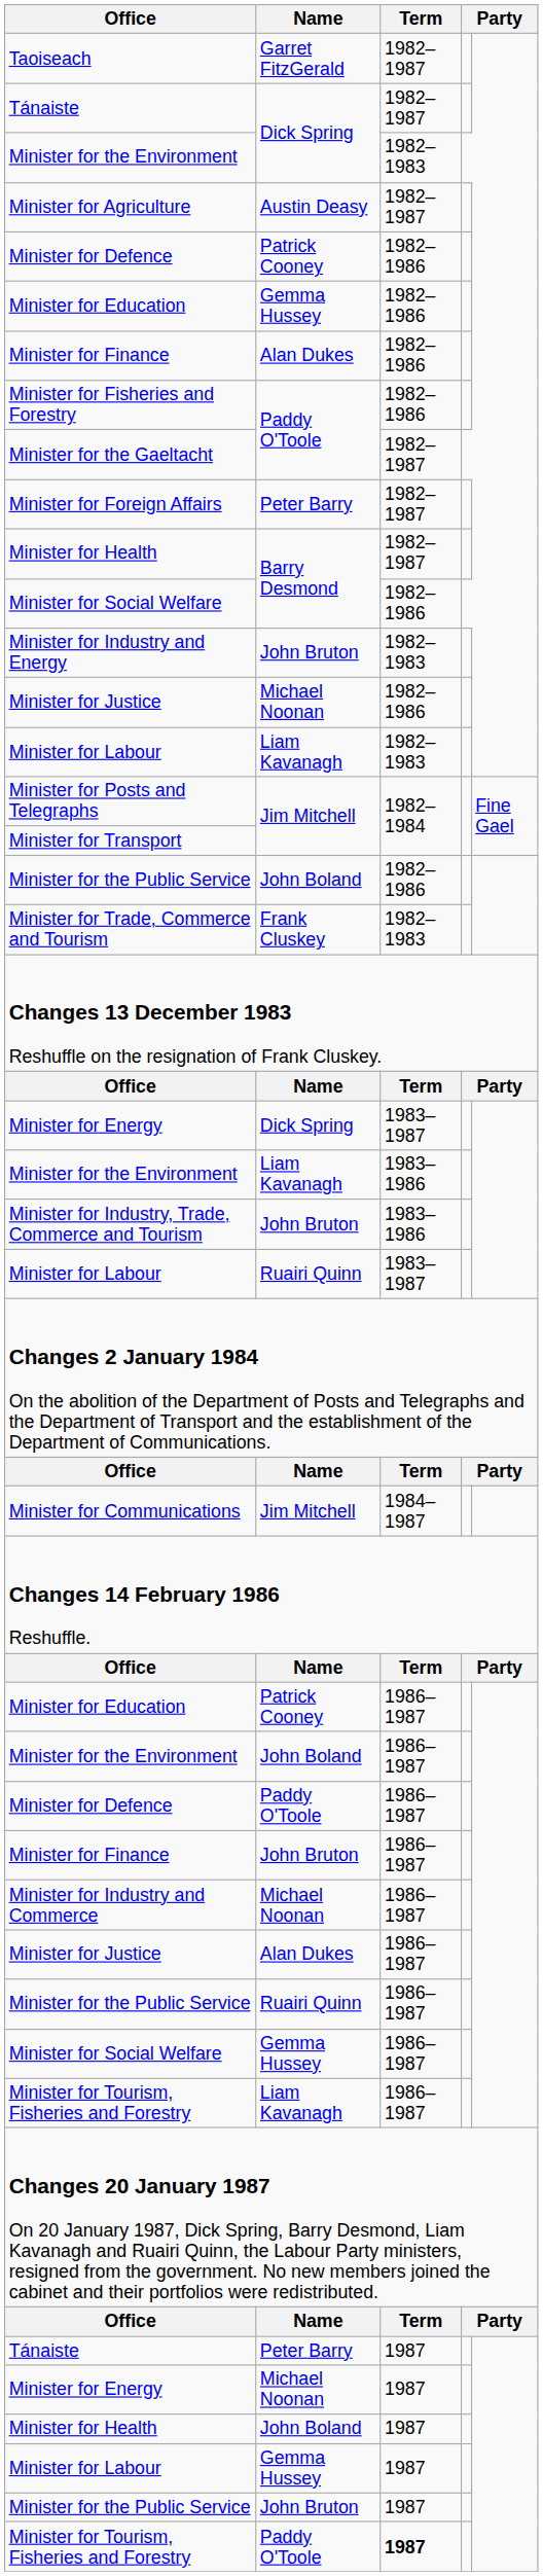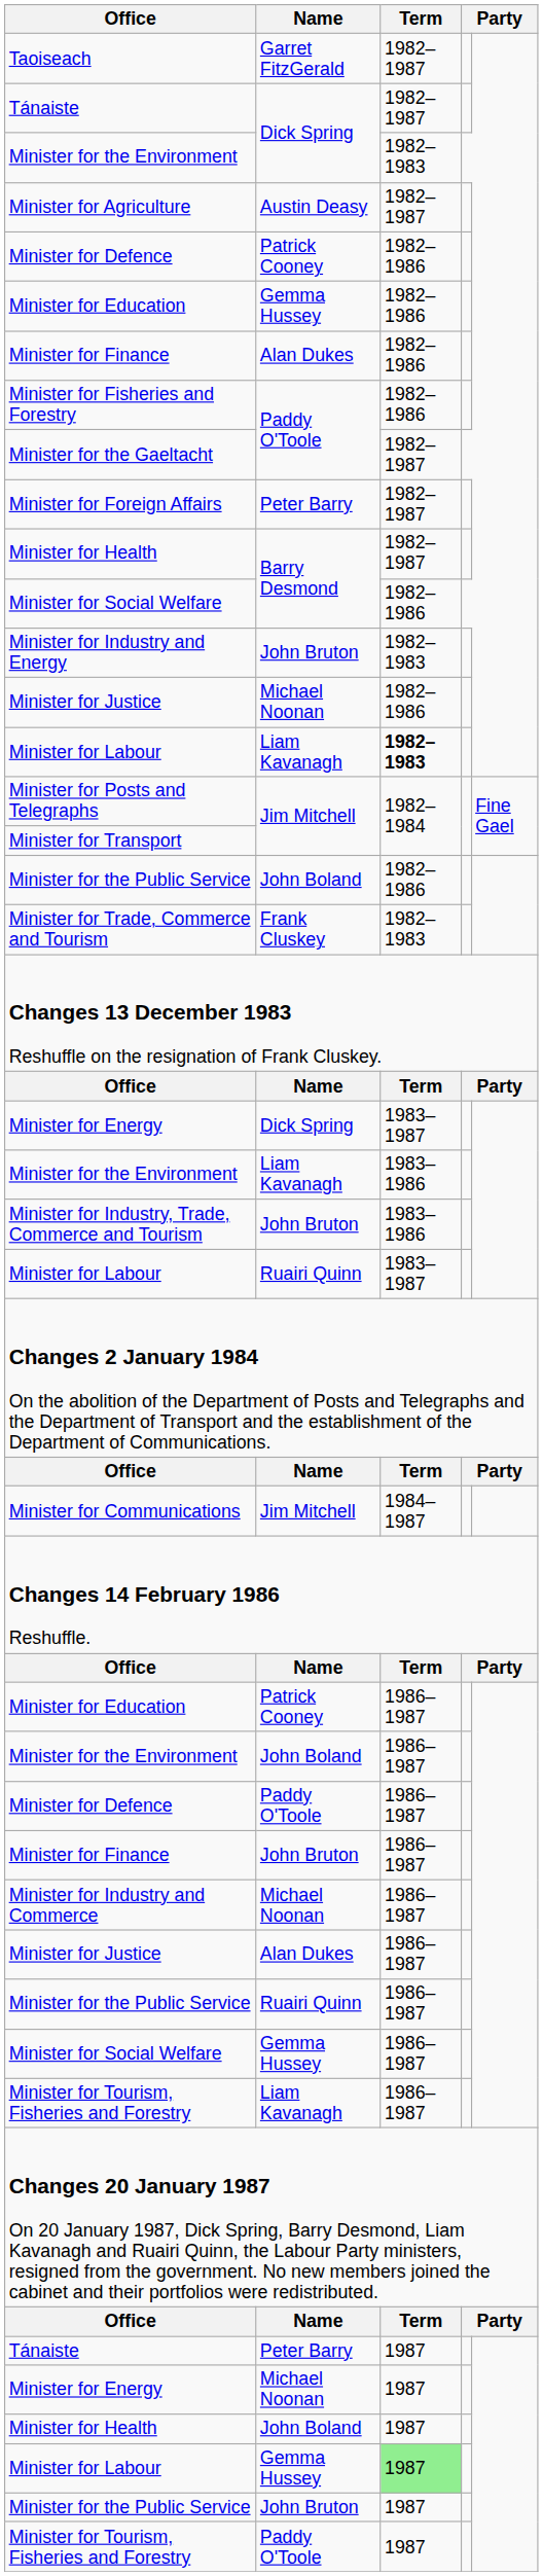 <table class="wikitable" width=75%>
 <tr>
 <th>Office</th>
 <th>Name</th>
 <th>Term</th>
 <th colspan="2">Party</th>
 </tr>
 <tr>
 <td><a href='#'>Taoiseach</a></td>
 <td><a href='#'>Garret FitzGerald</a></td>
 <td>1982–1987</td>
 <td></td>
 </tr>
 <tr>
 <td><a href='#'>Tánaiste</a></td>
 <td rowspan=2><a href='#'>Dick Spring</a></td>
 <td>1982–1987</td>
 <td></td>
 </tr>
 <tr>
 <td><a href='#'>Minister for the Environment</a></td>
 <td>1982–1983</td>
 </tr>
 <tr>
 <td><a href='#'>Minister for Agriculture</a></td>
 <td><a href='#'>Austin Deasy</a></td>
 <td>1982–1987</td>
 <td></td>
 </tr>
 <tr>
 <td><a href='#'>Minister for Defence</a></td>
 <td><a href='#'>Patrick Cooney</a></td>
 <td>1982–1986</td>
 <td></td>
 </tr>
 <tr>
 <td><a href='#'>Minister for Education</a></td>
 <td><a href='#'>Gemma Hussey</a></td>
 <td>1982–1986</td>
 <td></td>
 </tr>
 <tr>
 <td><a href='#'>Minister for Finance</a></td>
 <td><a href='#'>Alan Dukes</a></td>
 <td>1982–1986</td>
 <td></td>
 </tr>
 <tr>
 <td><a href='#'>Minister for Fisheries and Forestry</a></td>
 <td rowspan=2><a href='#'>Paddy O'Toole</a></td>
 <td>1982–1986</td>
 <td></td>
 </tr>
 <tr>
 <td><a href='#'>Minister for the Gaeltacht</a></td>
 <td>1982–1987</td>
 </tr>
 <tr>
 <td><a href='#'>Minister for Foreign Affairs</a></td>
 <td><a href='#'>Peter Barry</a></td>
 <td>1982–1987</td>
 <td></td>
 </tr>
 <tr>
 <td><a href='#'>Minister for Health</a></td>
 <td rowspan=2><a href='#'>Barry Desmond</a></td>
 <td>1982–1987</td>
 <td></td>
 </tr>
 <tr>
 <td><a href='#'>Minister for Social Welfare</a></td>
 <td>1982–1986</td>
 </tr>
 <tr>
 <td><a href='#'>Minister for Industry and Energy</a></td>
 <td><a href='#'>John Bruton</a></td>
 <td>1982–1983</td>
 <td></td>
 </tr>
 <tr>
 <td><a href='#'>Minister for Justice</a></td>
 <td><a href='#'>Michael Noonan</a></td>
 <td>1982–1986</td>
 <td></td>
 </tr>
 <tr>
 <td><a href='#'>Minister for Labour</a></td>
 <td><a href='#'>Liam Kavanagh</a></td>
-<td>1982–1983</td>
+<td><strong>1982–1983</strong></td>
 <td></td>
 </tr>
 <tr>
 <td><a href='#'>Minister for Posts and Telegraphs</a></td>
 <td rowspan=2><a href='#'>Jim Mitchell</a></td>
 <td rowspan=2>1982–1984</td>
 <td rowspan=2 style="background-color: "></td>
 <td rowspan=2><a href='#'>Fine Gael</a></td>
 </tr>
 <tr>
 <td><a href='#'>Minister for Transport</a></td>
 </tr>
 <tr>
 <td><a href='#'>Minister for the Public Service</a></td>
 <td><a href='#'>John Boland</a></td>
 <td>1982–1986</td>
 <td></td>
 </tr>
 <tr>
 <td><a href='#'>Minister for Trade, Commerce and Tourism</a></td>
 <td><a href='#'>Frank Cluskey</a></td>
 <td>1982–1983</td>
 <td></td>
 </tr>
 <tr>
 <td colspan="5"><br><h3>Changes 13 December 1983</h3>Reshuffle on the resignation of Frank Cluskey.</td>
 </tr>
 <tr>
 <th>Office</th>
 <th>Name</th>
 <th>Term</th>
 <th colspan="2">Party</th>
 </tr>
 <tr>
 <td><a href='#'>Minister for Energy</a></td>
 <td><a href='#'>Dick Spring</a></td>
 <td>1983–1987</td>
 <td></td>
 </tr>
 <tr>
 <td><a href='#'>Minister for the Environment</a></td>
 <td><a href='#'>Liam Kavanagh</a></td>
 <td>1983–1986</td>
 <td></td>
 </tr>
 <tr>
 <td><a href='#'>Minister for Industry, Trade, Commerce and Tourism</a></td>
 <td><a href='#'>John Bruton</a></td>
 <td>1983–1986</td>
 <td></td>
 </tr>
 <tr>
 <td><a href='#'>Minister for Labour</a></td>
 <td><a href='#'>Ruairi Quinn</a></td>
 <td>1983–1987</td>
 <td></td>
 </tr>
 <tr>
 <td colspan="5"><br><h3>Changes 2 January 1984</h3>On the abolition of the Department of Posts and Telegraphs and the Department of Transport and the establishment of the Department of Communications.</td>
 </tr>
 <tr>
 <th>Office</th>
 <th>Name</th>
 <th>Term</th>
 <th colspan="2">Party</th>
 </tr>
 <tr>
 <td><a href='#'>Minister for Communications</a></td>
 <td><a href='#'>Jim Mitchell</a></td>
 <td>1984–1987</td>
 <td></td>
 </tr>
 <tr>
 <td colspan="5"><br><h3>Changes 14 February 1986</h3>Reshuffle.</td>
 </tr>
 <tr>
 <th>Office</th>
 <th>Name</th>
 <th>Term</th>
 <th colspan="2">Party</th>
 </tr>
 <tr>
 <td><a href='#'>Minister for Education</a></td>
 <td><a href='#'>Patrick Cooney</a></td>
 <td>1986–1987</td>
 <td></td>
 </tr>
 <tr>
 <td><a href='#'>Minister for the Environment</a></td>
 <td><a href='#'>John Boland</a></td>
 <td>1986–1987</td>
 <td></td>
 </tr>
 <tr>
 <td><a href='#'>Minister for Defence</a></td>
 <td><a href='#'>Paddy O'Toole</a></td>
 <td>1986–1987</td>
 <td></td>
 </tr>
 <tr>
 <td><a href='#'>Minister for Finance</a></td>
 <td><a href='#'>John Bruton</a></td>
 <td>1986–1987</td>
 <td></td>
 </tr>
 <tr>
 <td><a href='#'>Minister for Industry and Commerce</a></td>
 <td><a href='#'>Michael Noonan</a></td>
 <td>1986–1987</td>
 <td></td>
 </tr>
 <tr>
 <td><a href='#'>Minister for Justice</a></td>
 <td><a href='#'>Alan Dukes</a></td>
 <td>1986–1987</td>
 <td></td>
 </tr>
 <tr>
 <td><a href='#'>Minister for the Public Service</a></td>
 <td><a href='#'>Ruairi Quinn</a></td>
 <td>1986–1987</td>
 <td></td>
 </tr>
 <tr>
 <td><a href='#'>Minister for Social Welfare</a></td>
 <td><a href='#'>Gemma Hussey</a></td>
 <td>1986–1987</td>
 <td></td>
 </tr>
 <tr>
 <td><a href='#'>Minister for Tourism, Fisheries and Forestry</a></td>
 <td><a href='#'>Liam Kavanagh</a></td>
 <td>1986–1987</td>
 <td></td>
 </tr>
 <tr>
 <td colspan="5"><br><h3>Changes 20 January 1987</h3>On 20 January 1987, Dick Spring, Barry Desmond, Liam Kavanagh and Ruairi Quinn, the Labour Party ministers, resigned from the government. No new members joined the cabinet and their portfolios were redistributed.</td>
 </tr>
 <tr>
 <th>Office</th>
 <th>Name</th>
 <th>Term</th>
 <th colspan="2">Party</th>
 </tr>
 <tr>
 <td><a href='#'>Tánaiste</a></td>
 <td><a href='#'>Peter Barry</a></td>
 <td>1987</td>
 <td></td>
 </tr>
 <tr>
 <td><a href='#'>Minister for Energy</a></td>
 <td><a href='#'>Michael Noonan</a></td>
 <td>1987</td>
 <td></td>
 </tr>
 <tr>
 <td><a href='#'>Minister for Health</a></td>
 <td><a href='#'>John Boland</a></td>
 <td>1987</td>
 <td></td>
 </tr>
 <tr>
 <td><a href='#'>Minister for Labour</a></td>
 <td><a href='#'>Gemma Hussey</a></td>
-<td>1987</td>
+<td style="background: lightgreen;">1987</td>
 <td></td>
 </tr>
 <tr>
 <td><a href='#'>Minister for the Public Service</a></td>
 <td><a href='#'>John Bruton</a></td>
 <td>1987</td>
 <td></td>
 </tr>
 <tr>
 <td><a href='#'>Minister for Tourism, Fisheries and Forestry</a></td>
 <td><a href='#'>Paddy O'Toole</a></td>
-<td><strong>1987</strong></td>
+<td>1987</td>
 <td></td>
 </tr>
 </table>
